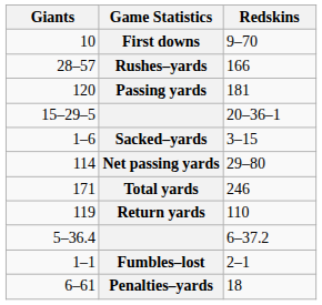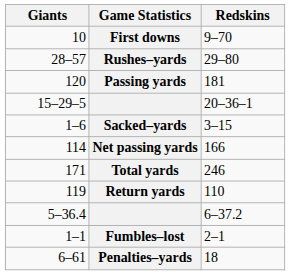 <table class="wikitable" style="margin: 1em auto 1em auto">
 <tr>
 <th style="width:30%;">Giants</th>
 <th style="width:40%;">Game Statistics</th>
 <th style="width:30%;">Redskins</th>
 </tr>
 <tr>
 <td style="text-align:right;">10</td>
 <th>First downs</th>
 <td>9–70</td>
 </tr>
 <tr>
 <td style="text-align:right;">28–57</td>
 <th>Rushes–yards</th>
-<td>166</td>
+<td>29–80</td>
 </tr>
 <tr>
 <td style="text-align:right;">120</td>
 <th>Passing yards</th>
 <td>181</td>
 </tr>
 <tr>
 <td style="text-align:right;">15–29–5</td>
 <th></th>
 <td>20–36–1</td>
 </tr>
 <tr>
 <td style="text-align:right;">1–6</td>
 <th>Sacked–yards</th>
 <td>3–15</td>
 </tr>
 <tr>
 <td style="text-align:right;">114</td>
 <th>Net passing yards</th>
-<td>29–80</td>
+<td>166</td>
 </tr>
 <tr>
 <td style="text-align:right;">171</td>
 <th>Total yards</th>
 <td>246</td>
 </tr>
 <tr>
 <td style="text-align:right;">119</td>
 <th>Return yards</th>
 <td>110</td>
 </tr>
 <tr>
 <td style="text-align:right;">5–36.4</td>
 <th></th>
 <td>6–37.2</td>
 </tr>
 <tr>
 <td style="text-align:right;">1–1</td>
 <th>Fumbles–lost</th>
 <td>2–1</td>
 </tr>
 <tr>
 <td style="text-align:right;">6–61</td>
 <th>Penalties–yards</th>
 <td>18</td>
 </tr>
 </table>
